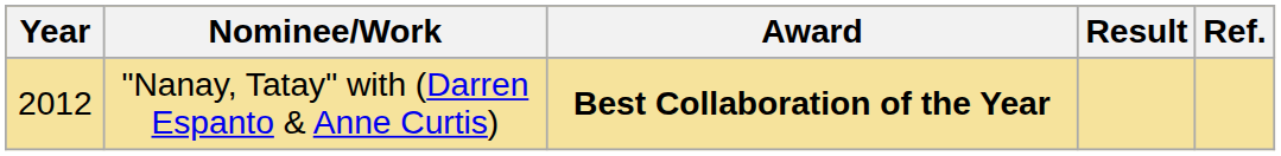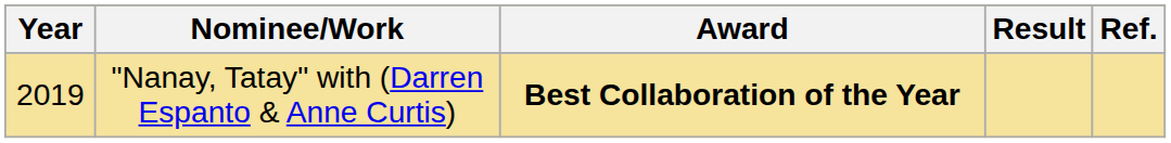 <table class="wikitable" rowspan=2 style="text-align: center; background: #f6e39c">
 <tr style="background:#bebebe;">
 <th scope="col" style="width:8%;">Year</th>
 <th scope="col" style="width:40%;">Nominee/Work</th>
 <th scope="col" style="width:50%;">Award</th>
 <th scope="col" style="width:8%">Result</th>
 <th scope="col" style="width:2%;">Ref.</th>
 </tr>
 <tr>
-<td>2012</td>
+<td>2019</td>
 <td>"Nanay, Tatay" with (<a href='#'>Darren Espanto</a> & <a href='#'>Anne Curtis</a>)</td>
 <td><strong>Best Collaboration of the Year</strong></td>
 <td></td>
 <td></td>
 </tr>
 </table>
